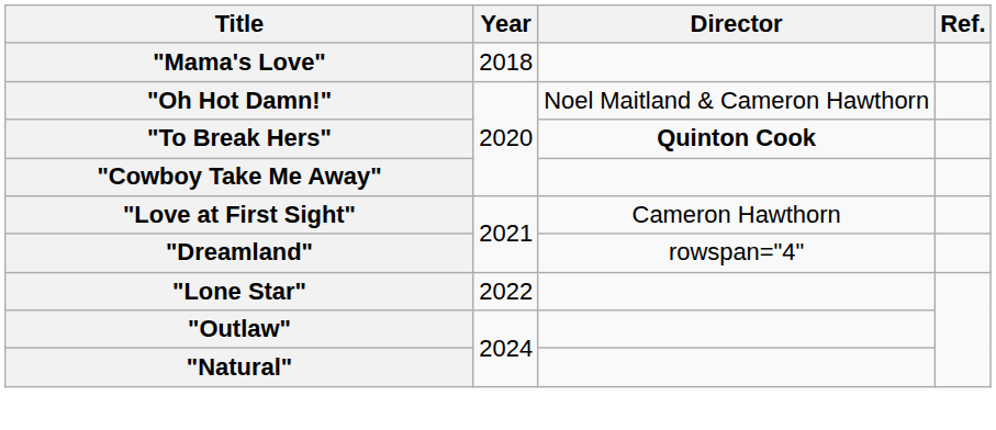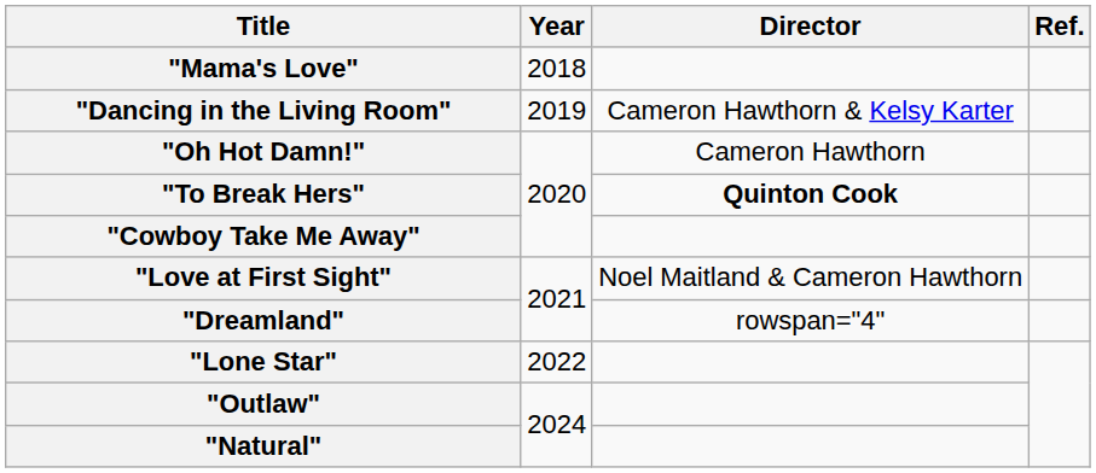 <table class="wikitable plainrowheaders" style="text-align:center;">
 <tr>
 <th scope="col" style="width:19em;">Title</th>
 <th scope="col" style="width:1em;">Year</th>
 <th>Director</th>
 <th>Ref.</th>
 </tr>
 <tr>
 <th scope="row">"Mama's Love"</th>
 <td>2018</td>
 <td></td>
 <td></td>
 </tr>
 <tr>
+<th scope="row">"Dancing in the Living Room"</th>
+<td>2019</td>
+<td>Cameron Hawthorn & <a href='#'>Kelsy Karter</a></td>
+<td></td>
+</tr>
+<tr>
 <th scope="row">"Oh Hot Damn!"</th>
 <td rowspan="3">2020</td>
-<td>Noel Maitland & Cameron Hawthorn</td>
+<td>Cameron Hawthorn</td>
 <td></td>
 </tr>
 <tr>
 <th scope="row">"To Break Hers"</th>
 <td><strong>Quinton Cook</strong></td>
 <td></td>
 </tr>
 <tr>
 <th scope="row">"Cowboy Take Me Away"</th>
 <td></td>
 <td></td>
 </tr>
 <tr>
 <th scope="row">"Love at First Sight"</th>
 <td rowspan="2">2021</td>
-<td>Cameron Hawthorn</td>
+<td>Noel Maitland & Cameron Hawthorn</td>
 <td></td>
 </tr>
 <tr>
 <th scope="row">"Dreamland"</th>
 <td>rowspan="4" </td>
 <td></td>
 </tr>
 <tr>
 <th scope="row">"Lone Star"</th>
 <td>2022</td>
 <td></td>
 </tr>
 <tr>
 <th scope="row">"Outlaw"</th>
 <td rowspan="2">2024</td>
 <td></td>
 </tr>
 <tr>
 <th scope="row">"Natural"</th>
 <td></td>
 </tr>
 </table>
